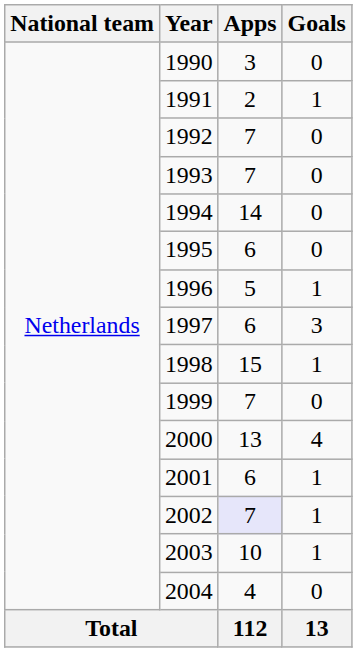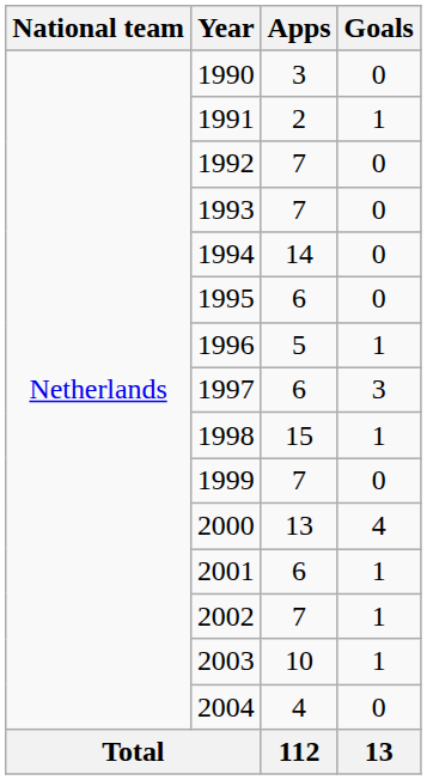 <table class="wikitable" style="text-align:center">
 <tr>
 <th>National team</th>
 <th>Year</th>
 <th>Apps</th>
 <th>Goals</th>
 </tr>
 <tr>
 <td rowspan="15"><a href='#'>Netherlands</a></td>
 <td>1990</td>
 <td>3</td>
 <td>0</td>
 </tr>
 <tr>
 <td>1991</td>
 <td>2</td>
 <td>1</td>
 </tr>
 <tr>
 <td>1992</td>
 <td>7</td>
 <td>0</td>
 </tr>
 <tr>
 <td>1993</td>
 <td>7</td>
 <td>0</td>
 </tr>
 <tr>
 <td>1994</td>
 <td>14</td>
 <td>0</td>
 </tr>
 <tr>
 <td>1995</td>
 <td>6</td>
 <td>0</td>
 </tr>
 <tr>
 <td>1996</td>
 <td>5</td>
 <td>1</td>
 </tr>
 <tr>
 <td>1997</td>
 <td>6</td>
 <td>3</td>
 </tr>
 <tr>
 <td>1998</td>
 <td>15</td>
 <td>1</td>
 </tr>
 <tr>
 <td>1999</td>
 <td>7</td>
 <td>0</td>
 </tr>
 <tr>
 <td>2000</td>
 <td>13</td>
 <td>4</td>
 </tr>
 <tr>
 <td>2001</td>
 <td>6</td>
 <td>1</td>
 </tr>
 <tr>
 <td>2002</td>
-<td style="background: lavender;">7</td>
+<td>7</td>
 <td>1</td>
 </tr>
 <tr>
 <td>2003</td>
 <td>10</td>
 <td>1</td>
 </tr>
 <tr>
 <td>2004</td>
 <td>4</td>
 <td>0</td>
 </tr>
 <tr>
 <th colspan="2">Total</th>
 <th>112</th>
 <th>13</th>
 </tr>
 </table>
